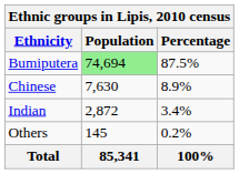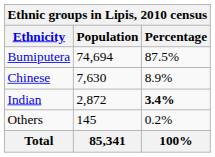 <table class="wikitable">
 <tr>
 <th style="text-align:center;" colspan="3">Ethnic groups in Lipis, 2010 census</th>
 </tr>
 <tr>
 <th><a href='#'>Ethnicity</a></th>
 <th>Population</th>
 <th>Percentage</th>
 </tr>
 <tr>
 <td><a href='#'>Bumiputera</a></td>
-<td style="background: lightgreen;">74,694</td>
+<td>74,694</td>
 <td>87.5%</td>
 </tr>
 <tr>
 <td><a href='#'>Chinese</a></td>
 <td>7,630</td>
 <td>8.9%</td>
 </tr>
 <tr>
 <td><a href='#'>Indian</a></td>
 <td>2,872</td>
-<td>3.4%</td>
+<td><strong>3.4%</strong></td>
 </tr>
 <tr>
 <td>Others</td>
 <td>145</td>
 <td>0.2%</td>
 </tr>
 <tr>
 <th>Total</th>
 <th>85,341</th>
 <th>100%</th>
 </tr>
 </table>
